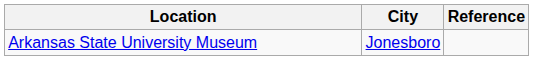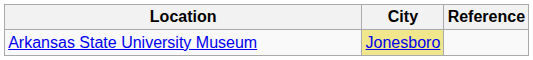 <table class="wikitable">
 <tr>
 <th Width="350">Location</th>
 <th>City</th>
 <th>Reference</th>
 </tr>
 <tr>
 <td><a href='#'>Arkansas State University Museum</a></td>
-<td><a href='#'>Jonesboro</a></td>
+<td style="background: khaki;"><a href='#'>Jonesboro</a></td>
 <td></td>
 </tr>
 <tr>
 </tr>
 </table>
